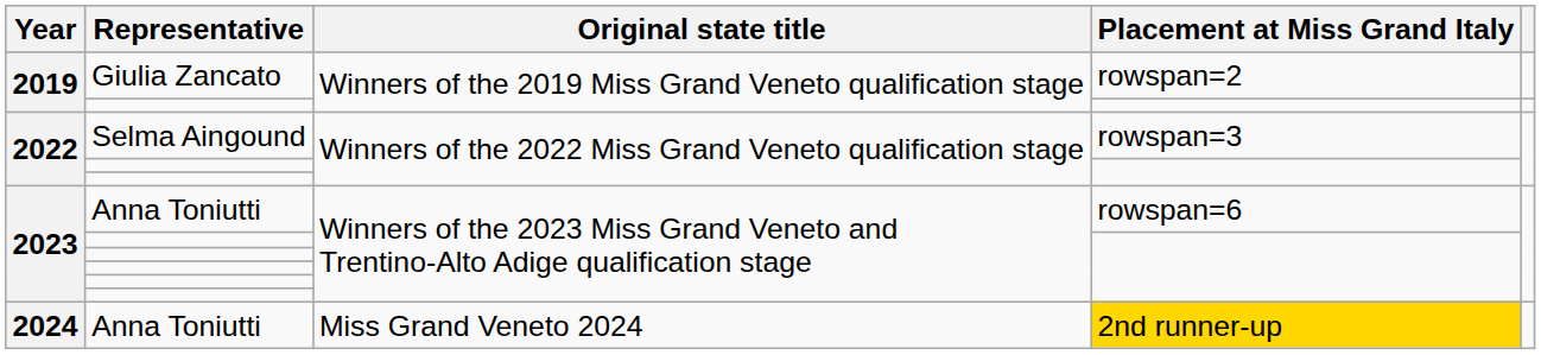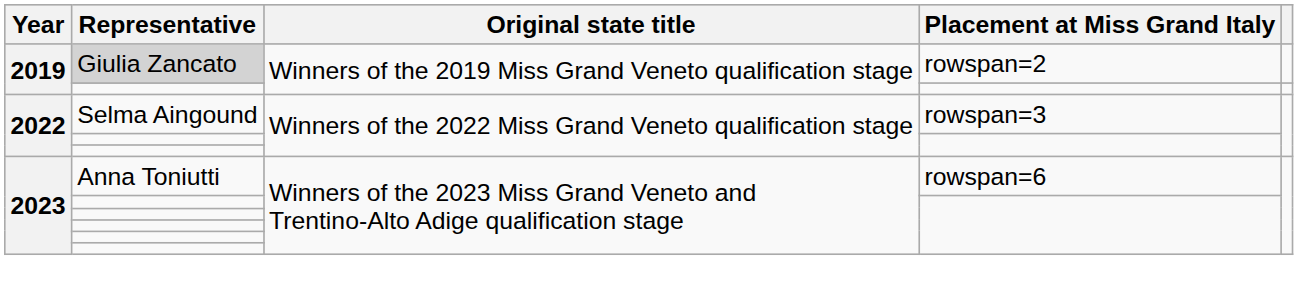 <table class="wikitable defaultcenter col2left" style="font-size:95%;">
 <tr>
 <th>Year</th>
 <th>Representative</th>
 <th>Original state title</th>
 <th>Placement at Miss Grand Italy</th>
 <th></th>
 </tr>
 <tr>
 <th rowspan=2>2019</th>
-<td>Giulia Zancato</td>
+<td style="background: lightgrey;">Giulia Zancato</td>
 <td rowspan=2>Winners of the 2019 Miss Grand Veneto qualification stage</td>
 <td>rowspan=2 </td>
 <td></td>
 </tr>
 <tr>
 <td></td>
 <td></td>
 </tr>
 <tr>
 <th rowspan=3>2022</th>
 <td>Selma Aingound</td>
 <td rowspan=3>Winners of the 2022 Miss Grand Veneto qualification stage</td>
 <td>rowspan=3 </td>
 <td rowspan=3></td>
 </tr>
 <tr>
 <td></td>
 </tr>
 <tr>
 <td></td>
 </tr>
 <tr>
 <th rowspan=6>2023</th>
 <td>Anna Toniutti</td>
 <td rowspan=6>Winners of the 2023 Miss Grand Veneto and<br>Trentino-Alto Adige qualification stage</td>
 <td>rowspan=6 </td>
 <td rowspan=6></td>
 </tr>
 <tr>
 <td></td>
 </tr>
 <tr>
 <td></td>
 </tr>
 <tr>
 <td></td>
 </tr>
 <tr>
 <td></td>
 </tr>
 <tr>
 <td></td>
 </tr>
-<tr>
-<th>2024</th>
-<td>Anna Toniutti</td>
-<td>Miss Grand Veneto 2024</td>
-<td bgcolor=gold>2nd runner-up</td>
-<td></td>
-</tr>
 </table>
